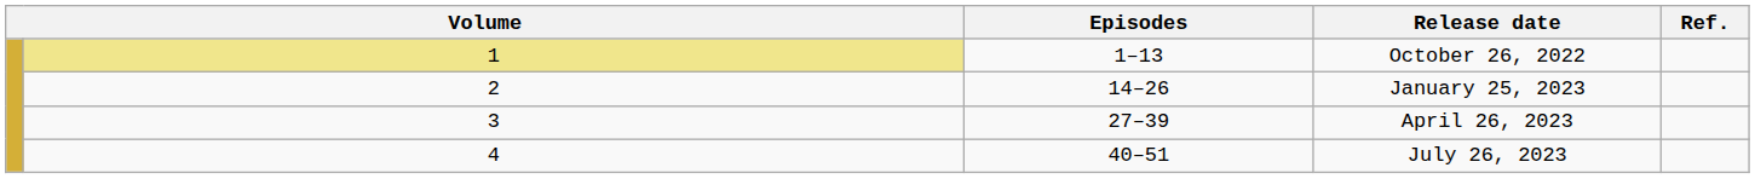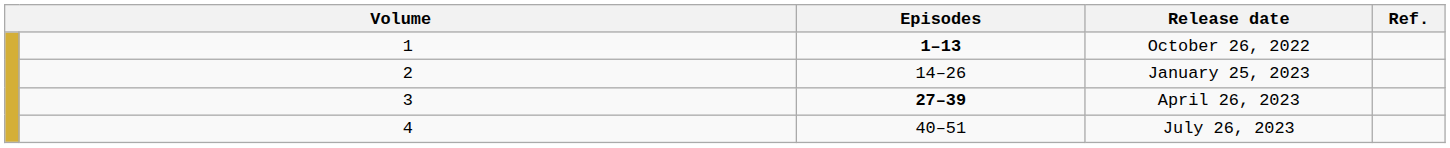 <table class="wikitable" style="text-align: center; width: 70%;">
 <tr>
 <th colspan="2">Volume</th>
 <th width="20%">Episodes</th>
 <th width="20%">Release date</th>
 <th width="5%">Ref.</th>
 </tr>
 <tr>
 <td rowspan="4" width="1%" style="background: #D4AF37;"></td>
-<td style="background: khaki;">1</td>
-<td>1–13</td>
+<td>1</td>
+<td><strong>1–13</strong></td>
 <td>October 26, 2022</td>
 <td></td>
 </tr>
 <tr>
 <td>2</td>
 <td>14–26</td>
 <td>January 25, 2023</td>
 <td></td>
 </tr>
 <tr>
 <td>3</td>
-<td>27–39</td>
+<td><strong>27–39</strong></td>
 <td>April 26, 2023</td>
 <td></td>
 </tr>
 <tr>
 <td>4</td>
 <td>40–51</td>
 <td>July 26, 2023</td>
 <td></td>
 </tr>
 </table>
